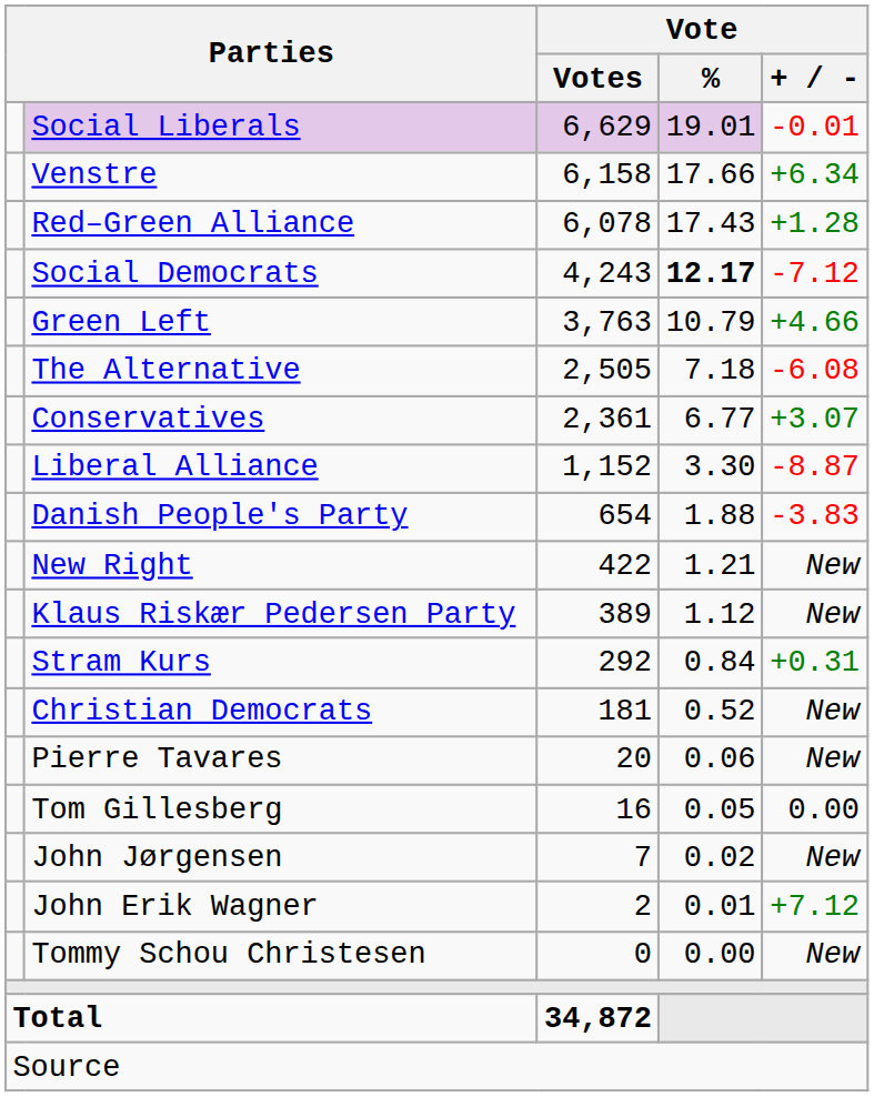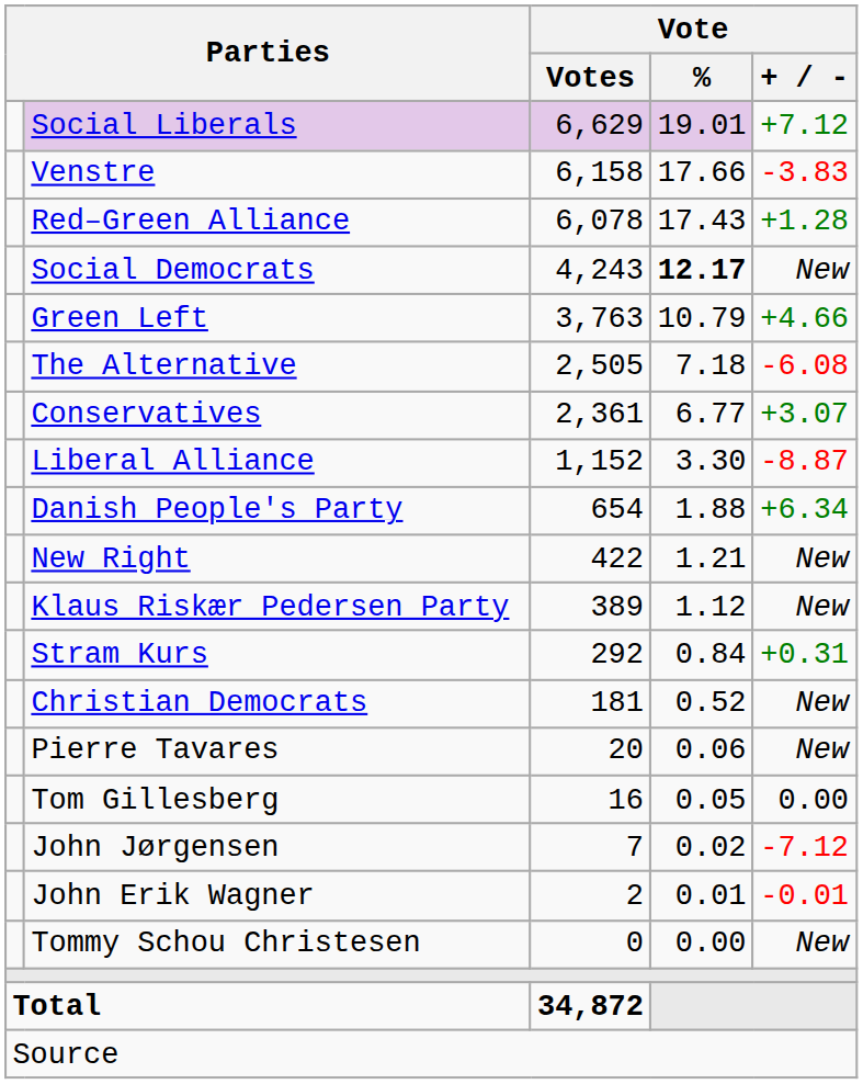 <table class="wikitable" style="text-align:right;">
 <tr>
 <th style="text-align:centre;" rowspan="2" colspan="2" width="225">Parties</th>
 <th colspan="3">Vote</th>
 </tr>
 <tr>
 <th width="15">Votes</th>
 <th width="15">%</th>
 <th width="15">+ / -</th>
 </tr>
 <tr>
 <td width="2" style="color:inherit;background:"></td>
 <td bgcolor=#e3c8e9  align="left"><a href='#'>Social Liberals</a></td>
 <td bgcolor=#e3c8e9>6,629</td>
 <td bgcolor=#e3c8e9>19.01</td>
-<td style=color:red;>-0.01</td>
+<td style=color:green;>+7.12</td>
 </tr>
 <tr>
 <td width="2" style="color:inherit;background:"></td>
 <td align="left"><a href='#'>Venstre</a></td>
 <td>6,158</td>
 <td>17.66</td>
-<td style=color:green;>+6.34</td>
+<td style=color:red;>-3.83</td>
 </tr>
 <tr>
 <td width="2" style="color:inherit;background:"></td>
 <td align="left"><a href='#'>Red–Green Alliance</a></td>
 <td>6,078</td>
 <td>17.43</td>
 <td style=color:green;>+1.28</td>
 </tr>
 <tr>
 <td width="2" style="color:inherit;background:"></td>
 <td align="left"><a href='#'>Social Democrats</a></td>
 <td>4,243</td>
 <td><strong>12.17</strong></td>
-<td style=color:red;>-7.12</td>
+<td><em>New</em></td>
 </tr>
 <tr>
 <td width="2" style="color:inherit;background:"></td>
 <td align="left"><a href='#'>Green Left</a></td>
 <td>3,763</td>
 <td>10.79</td>
 <td style=color:green;>+4.66</td>
 </tr>
 <tr>
 <td width="2" style="color:inherit;background:"></td>
 <td align="left"><a href='#'>The Alternative</a></td>
 <td>2,505</td>
 <td>7.18</td>
 <td style=color:red;>-6.08</td>
 </tr>
 <tr>
 <td width="2" style="color:inherit;background:"></td>
 <td align="left"><a href='#'>Conservatives</a></td>
 <td>2,361</td>
 <td>6.77</td>
 <td style=color:green;>+3.07</td>
 </tr>
 <tr>
 <td width="2" style="color:inherit;background:"></td>
 <td align="left"><a href='#'>Liberal Alliance</a></td>
 <td>1,152</td>
 <td>3.30</td>
 <td style=color:red;>-8.87</td>
 </tr>
 <tr>
 <td width="2" style="color:inherit;background:"></td>
 <td align="left"><a href='#'>Danish People's Party</a></td>
 <td>654</td>
 <td>1.88</td>
-<td style=color:red;>-3.83</td>
+<td style=color:green;>+6.34</td>
 </tr>
 <tr>
 <td width="2" style="color:inherit;background:"></td>
 <td align="left"><a href='#'>New Right</a></td>
 <td>422</td>
 <td>1.21</td>
 <td><em>New</em></td>
 </tr>
 <tr>
 <td width="2" style="color:inherit;background:"></td>
 <td align="left"><a href='#'>Klaus Riskær Pedersen Party</a></td>
 <td>389</td>
 <td>1.12</td>
 <td><em>New</em></td>
 </tr>
 <tr>
 <td width="2" style="color:inherit;background:"></td>
 <td align="left"><a href='#'>Stram Kurs</a></td>
 <td>292</td>
 <td>0.84</td>
 <td style=color:green;>+0.31</td>
 </tr>
 <tr>
 <td width="2" style="color:inherit;background:"></td>
 <td align="left"><a href='#'>Christian Democrats</a></td>
 <td>181</td>
 <td>0.52</td>
 <td><em>New</em></td>
 </tr>
 <tr>
 <td width="2" style="color:inherit;background:"></td>
 <td align="left">Pierre Tavares</td>
 <td>20</td>
 <td>0.06</td>
 <td><em>New</em></td>
 </tr>
 <tr>
 <td width="2" style="color:inherit;background:"></td>
 <td align="left">Tom Gillesberg</td>
 <td>16</td>
 <td>0.05</td>
 <td>0.00</td>
 </tr>
 <tr>
 <td width="2" style="color:inherit;background:"></td>
 <td align="left">John Jørgensen</td>
 <td>7</td>
 <td>0.02</td>
-<td><em>New</em></td>
+<td style=color:red;>-7.12</td>
 </tr>
 <tr>
 <td width="2" style="color:inherit;background:"></td>
 <td align="left">John Erik Wagner</td>
 <td>2</td>
 <td>0.01</td>
-<td style=color:green;>+7.12</td>
+<td style=color:red;>-0.01</td>
 </tr>
 <tr>
 <td width="2" style="color:inherit;background:"></td>
 <td align="left">Tommy Schou Christesen</td>
 <td>0</td>
 <td>0.00</td>
 <td><em>New</em></td>
 </tr>
 <tr>
 <td colspan="7" bgcolor="#E9E9E9"></td>
 </tr>
 <tr>
 <td align="left" colspan="2"><strong>Total</strong></td>
 <td><strong>34,872</strong></td>
 <td bgcolor="#E9E9E9" colspan="2"></td>
 </tr>
 <tr>
 <td align="left" colspan="6">Source</td>
 </tr>
 </table>
